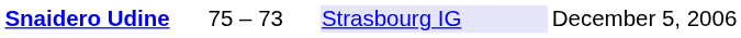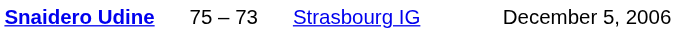 <table style="text-align:center">
 <tr>
 <th width=160></th>
 <th width=100></th>
 <th width=160></th>
 <th width=200></th>
 </tr>
 <tr>
 <td align=right><strong><a href='#'>Snaidero Udine</a></strong> </td>
 <td>75 – 73</td>
-<td align=left style="background: lavender;"> <a href='#'>Strasbourg IG</a></td>
+<td align=left> <a href='#'>Strasbourg IG</a></td>
 <td align=left>December 5, 2006</td>
 </tr>
 </table>
